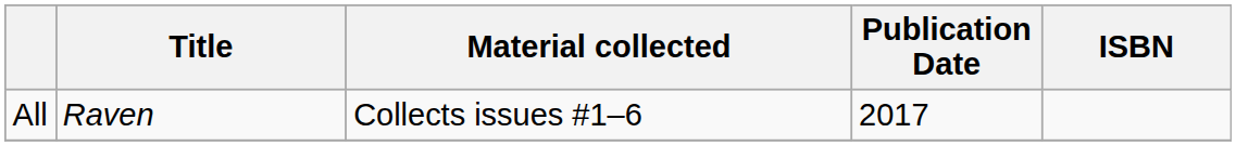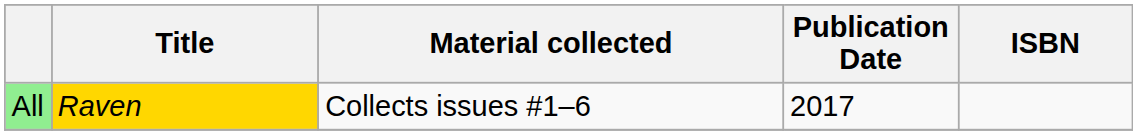 <table class="wikitable" style="text-align:left;" width="100%">
 <tr>
 <th width=2%></th>
 <th width=23%>Title</th>
 <th width=40%>Material collected</th>
 <th width=15%>Publication Date</th>
 <th width=15%>ISBN</th>
 </tr>
 <tr>
-<td>All</td>
-<td><em>Raven</em></td>
+<td style="background: lightgreen;">All</td>
+<td style="background: gold;"><em>Raven</em></td>
 <td>Collects issues #1–6</td>
 <td>2017</td>
 <td></td>
 </tr>
 <tr>
 </tr>
 </table>
